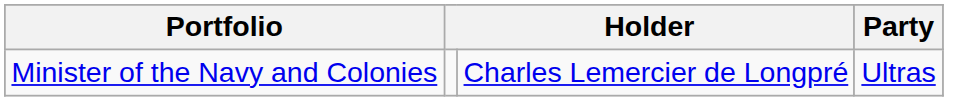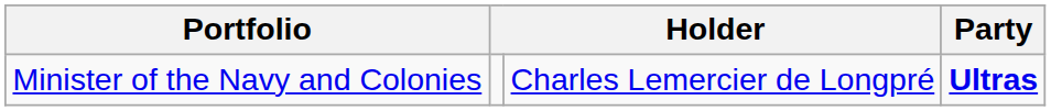 <table class="wikitable">
 <tr>
 <th>Portfolio</th>
 <th colspan=2>Holder</th>
 <th>Party</th>
 </tr>
 <tr>
 <td><a href='#'>Minister of the Navy and Colonies</a></td>
 <td style="background:"></td>
 <td><a href='#'>Charles Lemercier de Longpré</a></td>
-<td><a href='#'>Ultras</a></td>
+<td><strong><a href='#'>Ultras</a></strong></td>
 </tr>
 </table>
